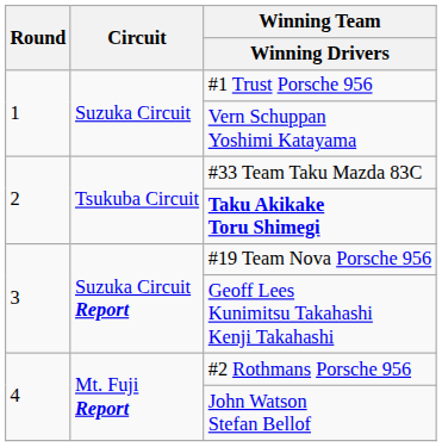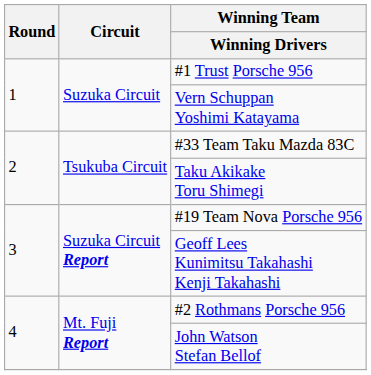 <table class="wikitable" style="font-size: 90%;">
 <tr>
 <th rowspan=2>Round</th>
 <th rowspan=2>Circuit</th>
 <th>Winning Team</th>
 </tr>
 <tr>
 <th>Winning Drivers</th>
 </tr>
 <tr>
 <td rowspan=2>1</td>
 <td rowspan=2><a href='#'>Suzuka Circuit</a></td>
 <td>#1 <a href='#'>Trust</a>  <a href='#'>Porsche 956</a></td>
 </tr>
 <tr>
 <td> <a href='#'>Vern Schuppan</a><br> <a href='#'>Yoshimi Katayama</a></td>
 </tr>
 <tr>
 <td rowspan=2>2</td>
 <td rowspan=2><a href='#'>Tsukuba Circuit</a></td>
 <td>#33 Team Taku Mazda 83C</td>
 </tr>
 <tr>
-<td><strong> <a href='#'>Taku Akikake</a><br> <a href='#'>Toru Shimegi</a></strong></td>
+<td> <a href='#'>Taku Akikake</a><br> <a href='#'>Toru Shimegi</a></td>
 </tr>
 <tr>
 <td rowspan=2>3</td>
 <td rowspan=2><a href='#'>Suzuka Circuit</a><br><strong><em><a href='#'>Report</a></em></strong></td>
 <td>#19 Team Nova <a href='#'>Porsche 956</a></td>
 </tr>
 <tr>
 <td> <a href='#'>Geoff Lees</a><br> <a href='#'>Kunimitsu Takahashi</a><br> <a href='#'>Kenji Takahashi</a></td>
 </tr>
 <tr>
 <td rowspan=2>4</td>
 <td rowspan=2><a href='#'>Mt. Fuji</a><br><strong><em><a href='#'>Report</a></em></strong></td>
 <td>#2 <a href='#'>Rothmans</a> <a href='#'>Porsche 956</a></td>
 </tr>
 <tr>
 <td> <a href='#'>John Watson</a><br> <a href='#'>Stefan Bellof</a></td>
 </tr>
 <tr>
 </tr>
 </table>
